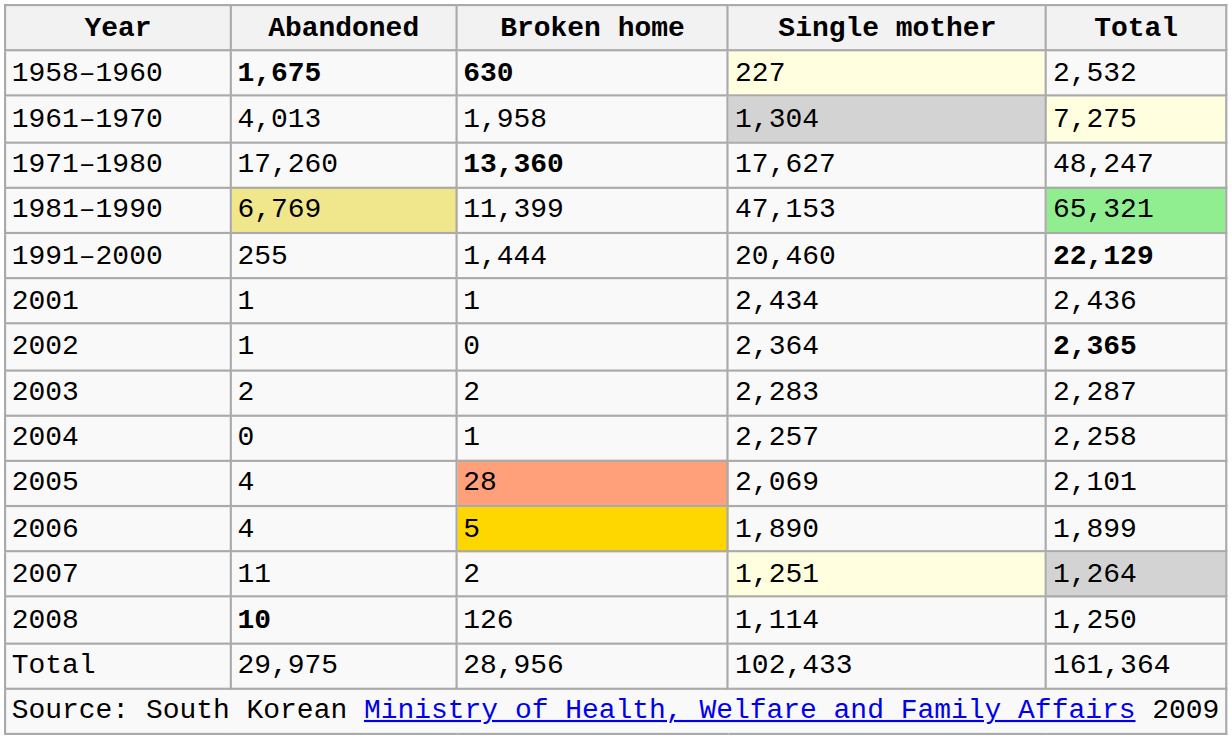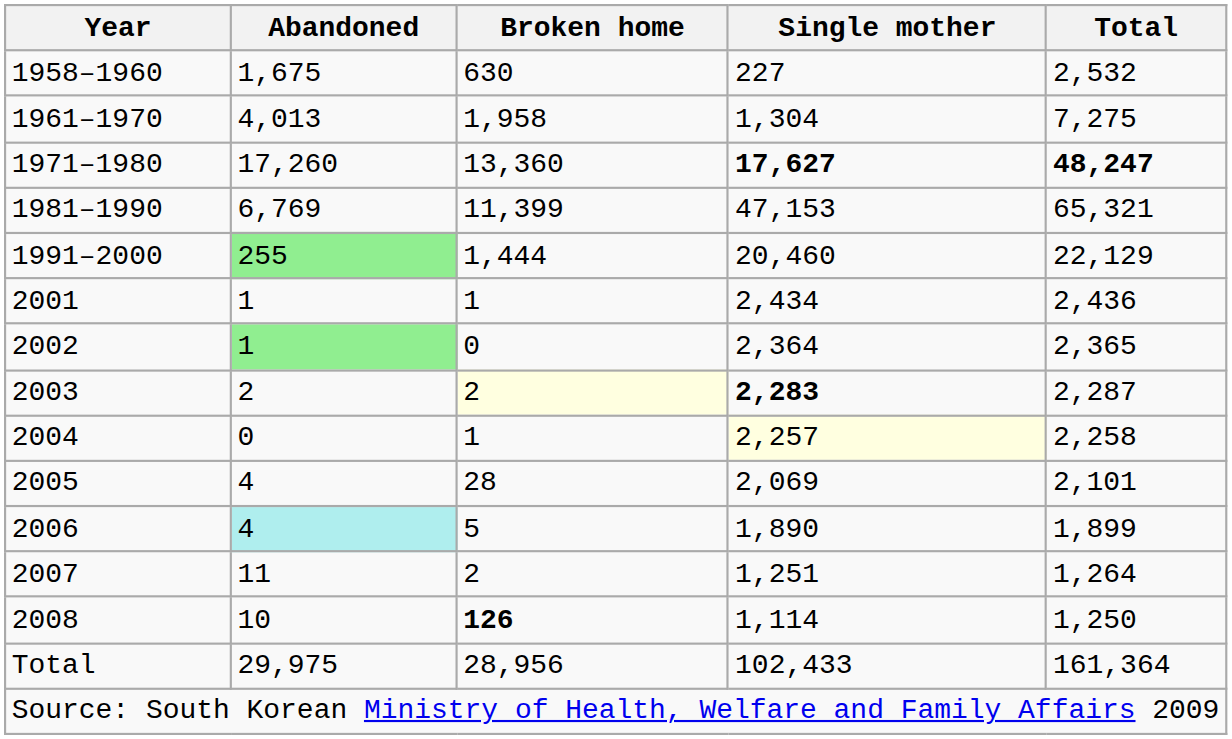 <table class="wikitable">
 <tr>
 <th>Year</th>
 <th>Abandoned</th>
 <th>Broken home</th>
 <th>Single mother</th>
 <th>Total</th>
 </tr>
 <tr>
 <td>1958–1960</td>
-<td><strong>1,675</strong></td>
-<td><strong>630</strong></td>
-<td style="background: lightyellow;">227</td>
+<td>1,675</td>
+<td>630</td>
+<td>227</td>
 <td>2,532</td>
 </tr>
 <tr>
 <td>1961–1970</td>
 <td>4,013</td>
 <td>1,958</td>
-<td style="background: lightgrey;">1,304</td>
-<td style="background: lightyellow;">7,275</td>
+<td>1,304</td>
+<td>7,275</td>
 </tr>
 <tr>
 <td>1971–1980</td>
 <td>17,260</td>
-<td><strong>13,360</strong></td>
-<td>17,627</td>
-<td>48,247</td>
+<td>13,360</td>
+<td><strong>17,627</strong></td>
+<td><strong>48,247</strong></td>
 </tr>
 <tr>
 <td>1981–1990</td>
-<td style="background: khaki;">6,769</td>
+<td>6,769</td>
 <td>11,399</td>
 <td>47,153</td>
-<td style="background: lightgreen;">65,321</td>
+<td>65,321</td>
 </tr>
 <tr>
 <td>1991–2000</td>
-<td>255</td>
+<td style="background: lightgreen;">255</td>
 <td>1,444</td>
 <td>20,460</td>
-<td><strong>22,129</strong></td>
+<td>22,129</td>
 </tr>
 <tr>
 <td>2001</td>
 <td>1</td>
 <td>1</td>
 <td>2,434</td>
 <td>2,436</td>
 </tr>
 <tr>
 <td>2002</td>
-<td>1</td>
+<td style="background: lightgreen;">1</td>
 <td>0</td>
 <td>2,364</td>
-<td><strong>2,365</strong></td>
+<td>2,365</td>
 </tr>
 <tr>
 <td>2003</td>
 <td>2</td>
-<td>2</td>
-<td>2,283</td>
+<td style="background: lightyellow;">2</td>
+<td><strong>2,283</strong></td>
 <td>2,287</td>
 </tr>
 <tr>
 <td>2004</td>
 <td>0</td>
 <td>1</td>
-<td>2,257</td>
+<td style="background: lightyellow;">2,257</td>
 <td>2,258</td>
 </tr>
 <tr>
 <td>2005</td>
 <td>4</td>
-<td style="background: lightsalmon;">28</td>
+<td>28</td>
 <td>2,069</td>
 <td>2,101</td>
 </tr>
 <tr>
 <td>2006</td>
-<td>4</td>
-<td style="background: gold;">5</td>
+<td style="background: paleturquoise;">4</td>
+<td>5</td>
 <td>1,890</td>
 <td>1,899</td>
 </tr>
 <tr>
 <td>2007</td>
 <td>11</td>
 <td>2</td>
-<td style="background: lightyellow;">1,251</td>
-<td style="background: lightgrey;">1,264</td>
+<td>1,251</td>
+<td>1,264</td>
 </tr>
 <tr>
 <td>2008</td>
-<td><strong>10</strong></td>
-<td>126</td>
+<td>10</td>
+<td><strong>126</strong></td>
 <td>1,114</td>
 <td>1,250</td>
 </tr>
 <tr>
 <td>Total</td>
 <td>29,975</td>
 <td>28,956</td>
 <td>102,433</td>
 <td>161,364</td>
 </tr>
 <tr>
 <td colspan="10" style="text-align:center">Source: South Korean <a href='#'>Ministry of Health, Welfare and Family Affairs</a> 2009</td>
 </tr>
 </table>
